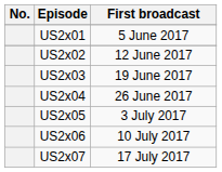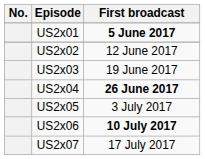 <table class="wikitable plainrowheaders"  style="text-align:center;">
 <tr>
 <th scope"col" style="width:30px;">No.</th>
 <th scope"col" style="width:60px;">Episode</th>
 <th scope"col" style="width:150px;">First broadcast</th>
 </tr>
 <tr>
 </tr>
 <tr style="background:;">
 <th scope="row"></th>
 <td>US2x01</td>
-<td>5 June 2017</td>
+<td><strong>5 June 2017</strong></td>
 </tr>
 <tr>
 </tr>
 <tr style="background:;">
 <th scope="row"></th>
 <td>US2x02</td>
 <td>12 June 2017</td>
 </tr>
 <tr style="background:;">
 <th scope="row"></th>
 <td>US2x03</td>
 <td>19 June 2017</td>
 </tr>
 <tr style="background:;">
 <th scope="row"></th>
 <td>US2x04</td>
-<td>26 June 2017</td>
+<td><strong>26 June 2017</strong></td>
 </tr>
 <tr style="background:;">
 <th scope="row"></th>
 <td>US2x05</td>
 <td>3 July 2017</td>
 </tr>
 <tr style="background:;">
 <th scope="row"></th>
 <td>US2x06</td>
-<td>10 July 2017</td>
+<td><strong>10 July 2017</strong></td>
 </tr>
 <tr style="background:;">
 <th scope="row"></th>
 <td>US2x07</td>
 <td>17 July 2017</td>
 </tr>
 </table>
